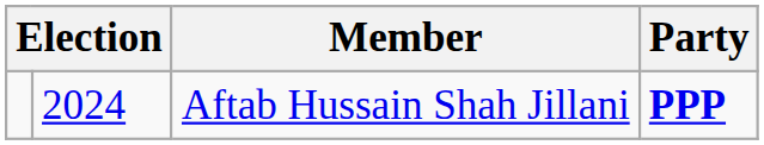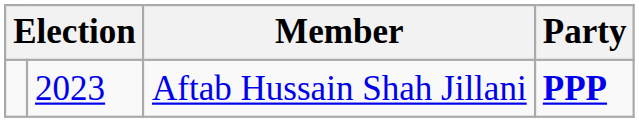 <table class="wikitable">
 <tr>
 <th colspan="2">Election</th>
 <th>Member</th>
 <th>Party</th>
 </tr>
 <tr>
 <td style="background-color: "></td>
-<td><a href='#'>2024</a></td>
+<td><a href='#'>2023</a></td>
 <td><a href='#'>Aftab Hussain Shah Jillani</a></td>
 <td><strong><a href='#'>PPP</a></strong></td>
 </tr>
 </table>
